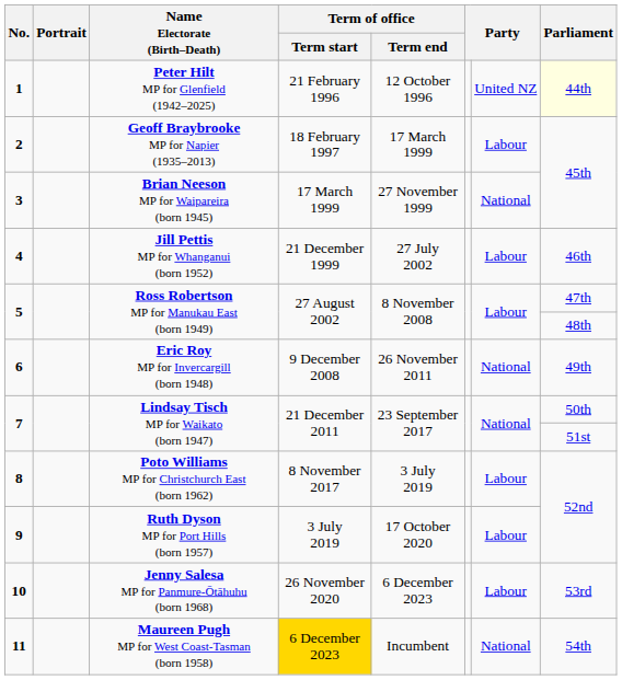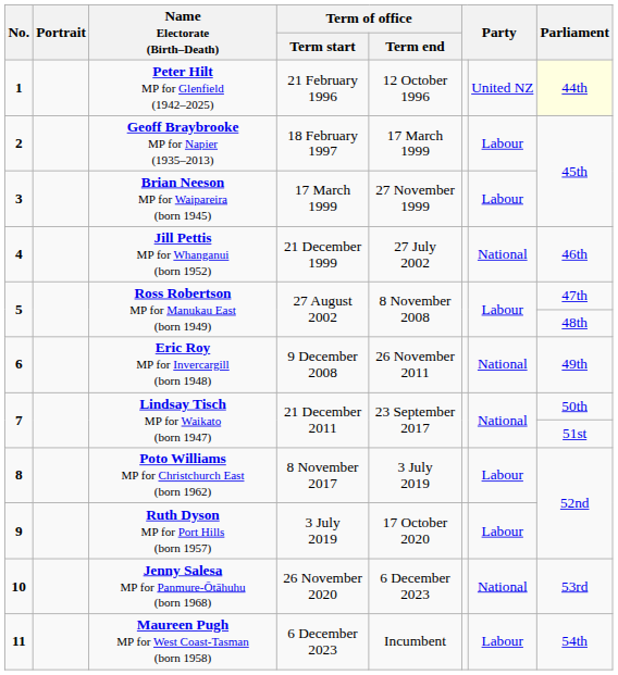 <table class="wikitable" style="text-align:center">
 <tr>
 <th rowspan="2">No.</th>
 <th rowspan="2" scope="col">Portrait</th>
 <th rowspan="2" scope="col" width="200px">Name<br><small>Electorate<br>(Birth–Death)</small></th>
 <th colspan="2" scope="col" width="100px">Term of office</th>
 <th colspan="2" rowspan="2">Party</th>
 <th rowspan="2">Parliament</th>
 </tr>
 <tr>
 <th width="95px">Term start</th>
 <th width="95px">Term end</th>
 </tr>
 <tr>
 <td><strong>1</strong></td>
 <td></td>
 <td><strong><a href='#'>Peter Hilt</a></strong><br><small>MP for <a href='#'>Glenfield</a></small><br><small>(1942–2025)</small></td>
 <td>21 February<br>1996</td>
 <td>12 October<br>1996</td>
 <td style="background:"></td>
 <td><a href='#'>United NZ</a></td>
 <td style="background: lightyellow;"><a href='#'>44th</a></td>
 </tr>
 <tr>
 <td><strong>2</strong></td>
 <td></td>
 <td><strong><a href='#'>Geoff Braybrooke</a></strong><br><small>MP for <a href='#'>Napier</a></small><br><small>(1935–2013)</small></td>
 <td>18 February<br>1997</td>
 <td>17 March<br>1999</td>
 <td style="background:"></td>
 <td><a href='#'>Labour</a></td>
 <td rowspan="2"><a href='#'>45th</a><wbr></td>
 </tr>
 <tr>
 <td><strong>3</strong></td>
 <td></td>
 <td><strong><a href='#'>Brian Neeson</a></strong><br><small>MP for <a href='#'>Waipareira</a></small><br><small>(born 1945)</small></td>
 <td>17 March<br>1999</td>
 <td>27 November<br>1999</td>
 <td style="background:"></td>
-<td><a href='#'>National</a></td>
+<td><a href='#'>Labour</a></td>
 </tr>
 <tr>
 <td><strong>4</strong></td>
 <td></td>
 <td><strong><a href='#'>Jill Pettis</a></strong><br><small>MP for <a href='#'>Whanganui</a></small><br><small>(born 1952)</small></td>
 <td>21 December<br>1999</td>
 <td>27 July<br>2002</td>
 <td style="background:"></td>
-<td><a href='#'>Labour</a></td>
+<td><a href='#'>National</a></td>
 <td><a href='#'>46th</a></td>
 </tr>
 <tr>
 <td rowspan="2"><strong>5</strong></td>
 <td rowspan="2"></td>
 <td rowspan="2"><strong><a href='#'>Ross Robertson</a></strong><br><small>MP for <a href='#'>Manukau East</a></small><br><small>(born 1949)</small></td>
 <td rowspan="2">27 August<br>2002</td>
 <td rowspan="2">8 November<br>2008</td>
 <td rowspan="2" style="background:"></td>
 <td rowspan="2"><a href='#'>Labour</a></td>
 <td><a href='#'>47th</a><wbr></td>
 </tr>
 <tr>
 <td><a href='#'>48th</a></td>
 </tr>
 <tr>
 <td><strong>6</strong></td>
 <td></td>
 <td><a href='#'><strong>Eric Roy</strong></a><br><small>MP for <a href='#'>Invercargill</a></small><br><small>(born 1948)</small></td>
 <td>9 December<br>2008</td>
 <td>26 November<br>2011</td>
 <td style="background:"></td>
 <td><a href='#'>National</a></td>
 <td><a href='#'>49th</a></td>
 </tr>
 <tr>
 <td rowspan="2"><strong>7</strong></td>
 <td rowspan="2"></td>
 <td rowspan="2"><strong><a href='#'>Lindsay Tisch</a></strong><br><small>MP for <a href='#'>Waikato</a></small><br><small>(born 1947)</small></td>
 <td rowspan="2">21 December<br>2011</td>
 <td rowspan="2">23 September<br>2017</td>
 <td rowspan="2" style="background:"></td>
 <td rowspan="2"><a href='#'>National</a></td>
 <td><a href='#'>50th</a></td>
 </tr>
 <tr>
 <td><a href='#'>51st</a></td>
 </tr>
 <tr>
 <td><strong>8</strong></td>
 <td></td>
 <td><strong><a href='#'>Poto Williams</a></strong><br><small>MP for <a href='#'>Christchurch East</a></small><br><small>(born 1962)</small></td>
 <td>8 November<br>2017</td>
 <td>3 July<br>2019</td>
 <td style="background:"></td>
 <td><a href='#'>Labour</a></td>
 <td rowspan="2"><a href='#'>52nd</a></td>
 </tr>
 <tr>
 <td><strong>9</strong></td>
 <td></td>
 <td><strong><a href='#'>Ruth Dyson</a></strong><br><small>MP for <a href='#'>Port Hills</a></small><br><small>(born 1957)</small></td>
 <td>3 July<br>2019</td>
 <td>17 October<br>2020</td>
 <td style="background:"></td>
 <td><a href='#'>Labour</a></td>
 </tr>
 <tr>
 <td><strong>10</strong></td>
 <td></td>
 <td><strong><a href='#'>Jenny Salesa</a></strong><br><small>MP for <a href='#'>Panmure-Ōtāhuhu</a></small><br><small>(born 1968)</small></td>
 <td>26 November<br>2020</td>
 <td>6 December<br>2023</td>
 <td style="background:"></td>
-<td><a href='#'>Labour</a></td>
+<td><a href='#'>National</a></td>
 <td><a href='#'>53rd</a></td>
 </tr>
 <tr>
 <td><strong>11</strong></td>
 <td></td>
 <td><strong><a href='#'>Maureen Pugh</a></strong><br><small>MP for <a href='#'>West Coast-Tasman</a></small><br><small>(born 1958)</small></td>
-<td style="background: gold;">6 December<br>2023</td>
+<td>6 December<br>2023</td>
 <td>Incumbent</td>
 <td style="background:"></td>
-<td><a href='#'>National</a></td>
+<td><a href='#'>Labour</a></td>
 <td><a href='#'>54th</a></td>
 </tr>
 </table>
